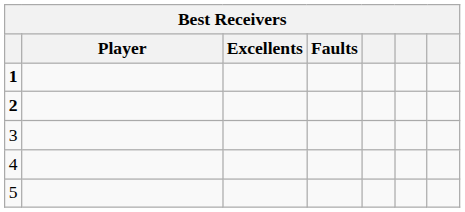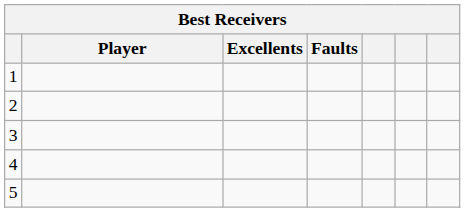 <table class="wikitable sortable" style=font-size:90%>
 <tr>
 <th colspan=7>Best Receivers</th>
 </tr>
 <tr>
 <th></th>
 <th width=158>Player</th>
 <th width=20>Excellents</th>
 <th width=20>Faults</th>
 <th width=20></th>
 <th width=20></th>
 <th width=20></th>
 </tr>
 <tr>
-<td align=center><strong>1</strong></td>
+<td align=center>1</td>
 <td></td>
 <td align=center></td>
 <td align=center></td>
 <td align=center></td>
 <td align=center></td>
 <td align=center></td>
 </tr>
 <tr>
-<td align=center><strong>2</strong></td>
+<td align=center>2</td>
 <td></td>
 <td align=center></td>
 <td align=center></td>
 <td align=center></td>
 <td align=center></td>
 <td align=center></td>
 </tr>
 <tr>
 <td align=center>3</td>
 <td></td>
 <td align=center></td>
 <td align=center></td>
 <td align=center></td>
 <td align=center></td>
 <td align=center></td>
 </tr>
 <tr>
 <td align=center>4</td>
 <td></td>
 <td align=center></td>
 <td align=center></td>
 <td align=center></td>
 <td align=center></td>
 <td align=center></td>
 </tr>
 <tr>
 <td align=center>5</td>
 <td></td>
 <td align=center></td>
 <td align=center></td>
 <td align=center></td>
 <td align=center></td>
 <td align=center></td>
 </tr>
 </table>
